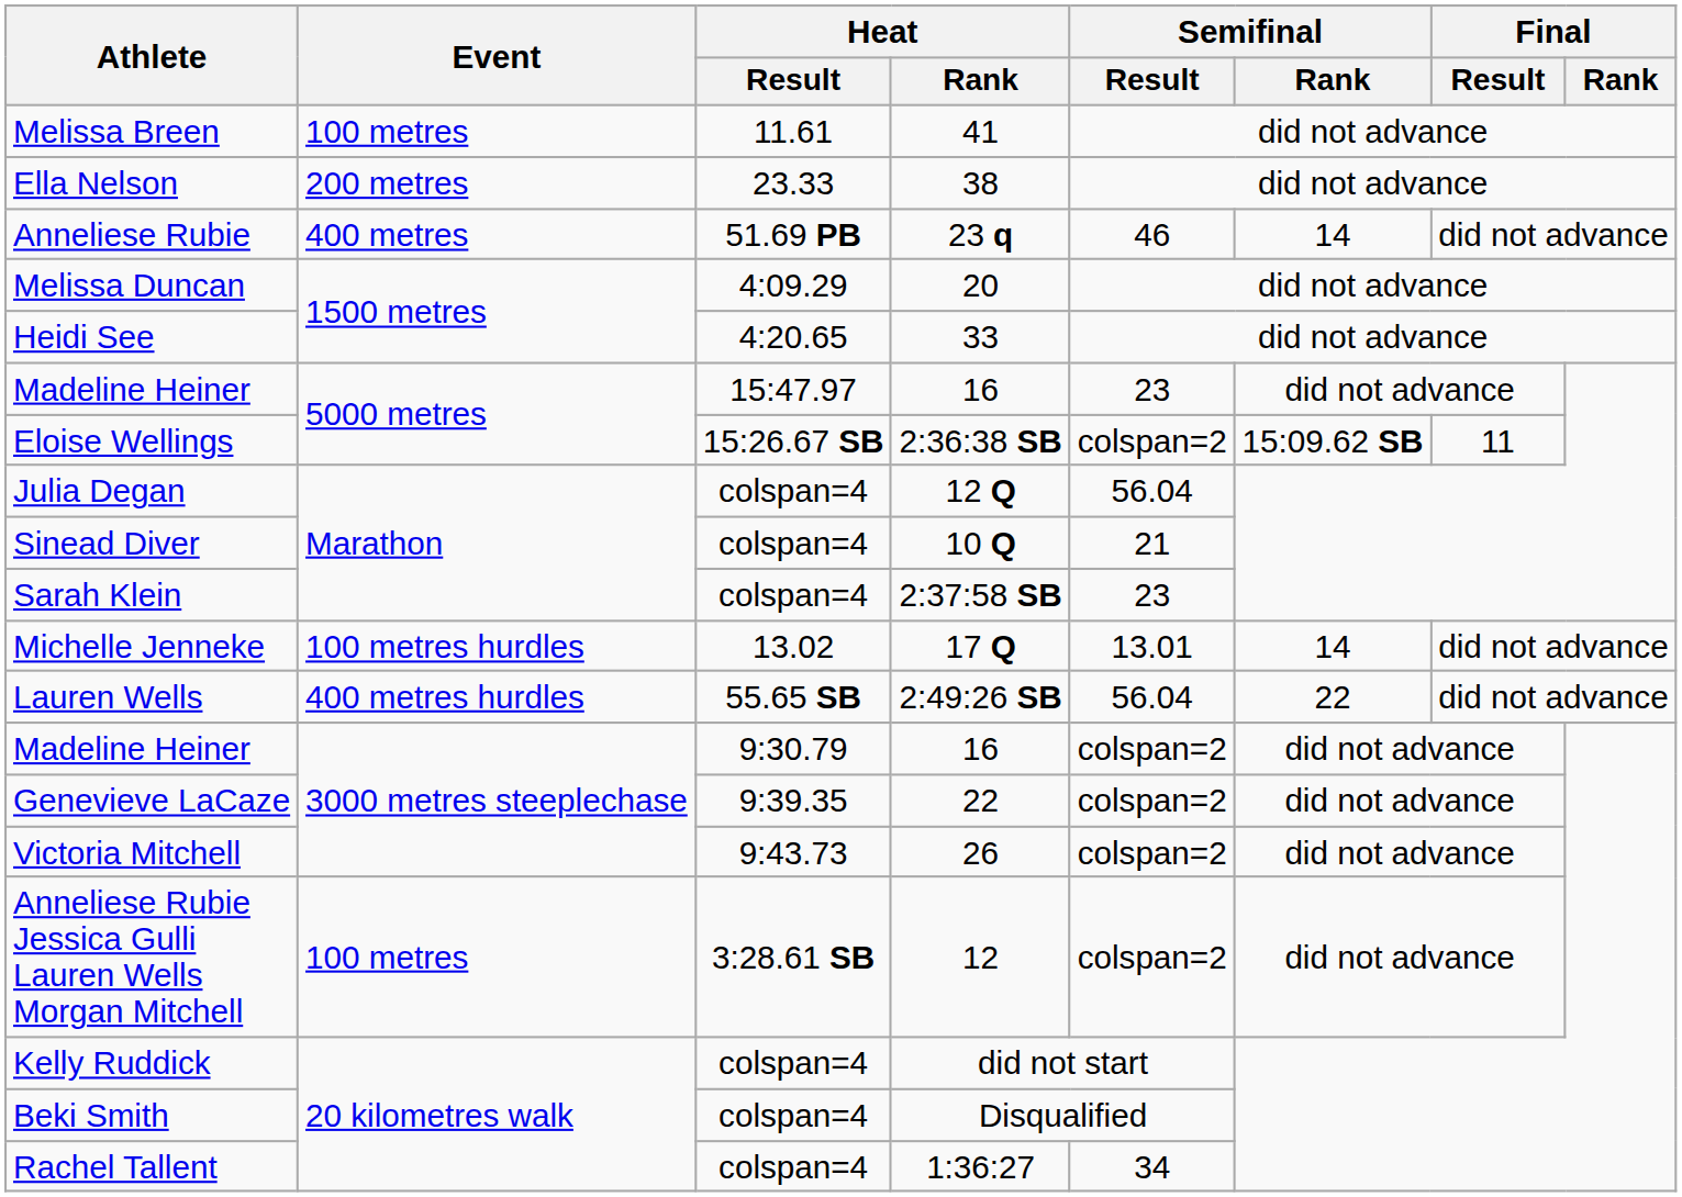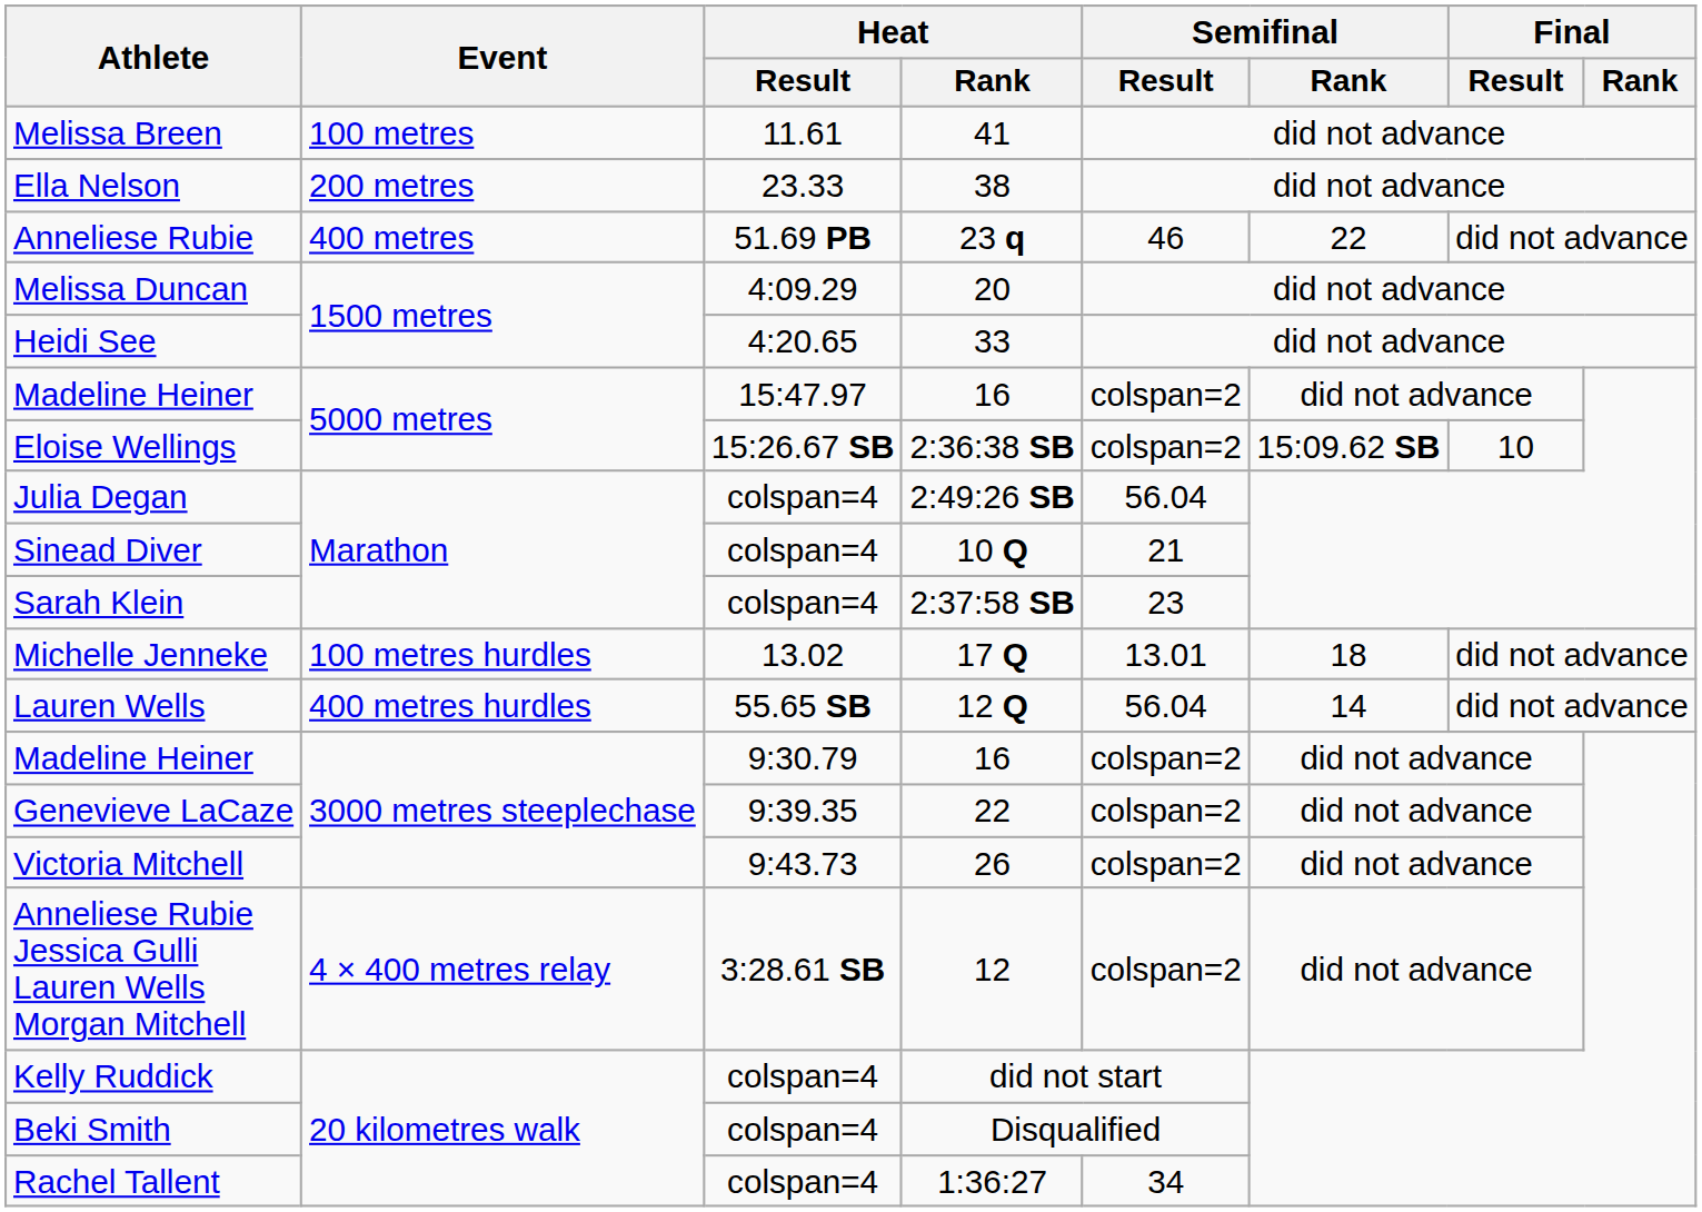 <table class="wikitable" style="font-size:90%">
 <tr>
 <th rowspan="2">Athlete</th>
 <th rowspan="2">Event</th>
 <th colspan="2">Heat</th>
 <th colspan="2">Semifinal</th>
 <th colspan="2">Final</th>
 </tr>
 <tr style="font-size:95%">
 <th>Result</th>
 <th>Rank</th>
 <th>Result</th>
 <th>Rank</th>
 <th>Result</th>
 <th>Rank</th>
 </tr>
 <tr style=text-align:center>
 <td style=text-align:left><a href='#'>Melissa Breen</a></td>
 <td style=text-align:left><a href='#'>100 metres</a></td>
 <td>11.61</td>
 <td>41</td>
 <td colspan=4>did not advance</td>
 </tr>
 <tr style=text-align:center>
 <td style=text-align:left><a href='#'>Ella Nelson</a></td>
 <td style=text-align:left><a href='#'>200 metres</a></td>
 <td>23.33</td>
 <td>38</td>
 <td colspan=4>did not advance</td>
 </tr>
 <tr style=text-align:center>
 <td style=text-align:left><a href='#'>Anneliese Rubie</a></td>
 <td style=text-align:left><a href='#'>400 metres</a></td>
 <td>51.69 <strong>PB</strong></td>
 <td>23 <strong>q</strong></td>
 <td>46</td>
-<td>14</td>
+<td>22</td>
 <td colspan=2>did not advance</td>
 </tr>
 <tr style=text-align:center>
 <td style=text-align:left><a href='#'>Melissa Duncan</a></td>
 <td style=text-align:left rowspan=2><a href='#'>1500 metres</a></td>
 <td>4:09.29</td>
 <td>20</td>
 <td colspan=4>did not advance</td>
 </tr>
 <tr style=text-align:center>
 <td style=text-align:left><a href='#'>Heidi See</a></td>
 <td>4:20.65</td>
 <td>33</td>
 <td colspan=4>did not advance</td>
 </tr>
 <tr style=text-align:center>
 <td style=text-align:left><a href='#'>Madeline Heiner</a></td>
 <td style=text-align:left rowspan=2><a href='#'>5000 metres</a></td>
 <td>15:47.97</td>
 <td>16</td>
-<td>23</td>
+<td>colspan=2 </td>
 <td colspan=2>did not advance</td>
 </tr>
 <tr style=text-align:center>
 <td style=text-align:left><a href='#'>Eloise Wellings</a></td>
 <td>15:26.67 <strong>SB</strong></td>
 <td>2:36:38 <strong>SB</strong></td>
 <td>colspan=2 </td>
 <td>15:09.62 <strong>SB</strong></td>
-<td>11</td>
+<td>10</td>
 </tr>
 <tr style=text-align:center>
 <td style=text-align:left><a href='#'>Julia Degan</a></td>
 <td style=text-align:left rowspan=3><a href='#'>Marathon</a></td>
 <td>colspan=4 </td>
-<td>12 <strong>Q</strong></td>
+<td>2:49:26 <strong>SB</strong></td>
 <td>56.04</td>
 </tr>
 <tr style=text-align:center>
 <td style=text-align:left><a href='#'>Sinead Diver</a></td>
 <td>colspan=4 </td>
 <td>10 <strong>Q</strong></td>
 <td>21</td>
 </tr>
 <tr style=text-align:center>
 <td style=text-align:left><a href='#'>Sarah Klein</a></td>
 <td>colspan=4 </td>
 <td>2:37:58 <strong>SB</strong></td>
 <td>23</td>
 </tr>
 <tr style=text-align:center>
 <td style=text-align:left><a href='#'>Michelle Jenneke</a></td>
 <td style=text-align:left><a href='#'>100 metres hurdles</a></td>
 <td>13.02</td>
 <td>17 <strong>Q</strong></td>
 <td>13.01</td>
-<td>14</td>
+<td>18</td>
 <td colspan=2>did not advance</td>
 </tr>
 <tr style=text-align:center>
 <td style=text-align:left><a href='#'>Lauren Wells</a></td>
 <td style=text-align:left><a href='#'>400 metres hurdles</a></td>
 <td>55.65 <strong>SB</strong></td>
-<td>2:49:26 <strong>SB</strong></td>
+<td>12 <strong>Q</strong></td>
 <td>56.04</td>
-<td>22</td>
+<td>14</td>
 <td colspan=2>did not advance</td>
 </tr>
 <tr style=text-align:center>
 <td style=text-align:left><a href='#'>Madeline Heiner</a></td>
 <td style=text-align:left rowspan=3><a href='#'>3000 metres steeplechase</a></td>
 <td>9:30.79</td>
 <td>16</td>
 <td>colspan=2 </td>
 <td colspan=2>did not advance</td>
 </tr>
 <tr style=text-align:center>
 <td style=text-align:left><a href='#'>Genevieve LaCaze</a></td>
 <td>9:39.35</td>
 <td>22</td>
 <td>colspan=2 </td>
 <td colspan=2>did not advance</td>
 </tr>
 <tr style=text-align:center>
 <td style=text-align:left><a href='#'>Victoria Mitchell</a></td>
 <td>9:43.73</td>
 <td>26</td>
 <td>colspan=2 </td>
 <td colspan=2>did not advance</td>
 </tr>
 <tr style=text-align:center>
 <td style=text-align:left><a href='#'>Anneliese Rubie</a><br><a href='#'>Jessica Gulli</a><br><a href='#'>Lauren Wells</a><br><a href='#'>Morgan Mitchell</a></td>
-<td style=text-align:left><a href='#'>100 metres</a></td>
+<td style=text-align:left><a href='#'>4 × 400 metres relay</a></td>
 <td>3:28.61 <strong>SB</strong></td>
 <td>12</td>
 <td>colspan=2 </td>
 <td colspan=2>did not advance</td>
 </tr>
 <tr style=text-align:center>
 <td style=text-align:left><a href='#'>Kelly Ruddick</a></td>
 <td style=text-align:left rowspan=3><a href='#'>20 kilometres walk</a></td>
 <td>colspan=4 </td>
 <td colspan=2>did not start</td>
 </tr>
 <tr style=text-align:center>
 <td style=text-align:left><a href='#'>Beki Smith</a></td>
 <td>colspan=4 </td>
 <td colspan=2>Disqualified</td>
 </tr>
 <tr style=text-align:center>
 <td style=text-align:left><a href='#'>Rachel Tallent</a></td>
 <td>colspan=4 </td>
 <td>1:36:27</td>
 <td>34</td>
 </tr>
 </table>
